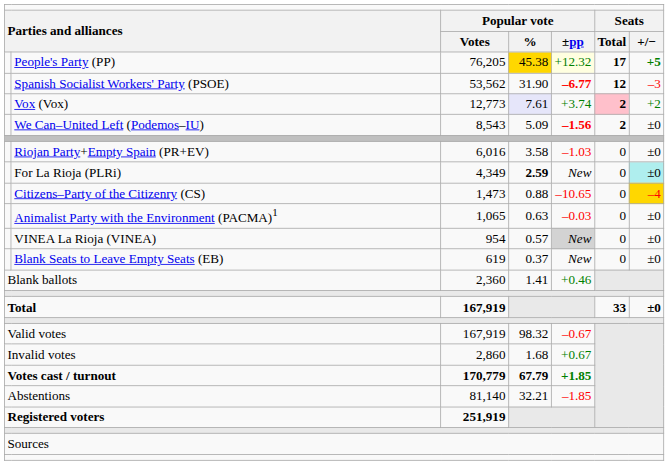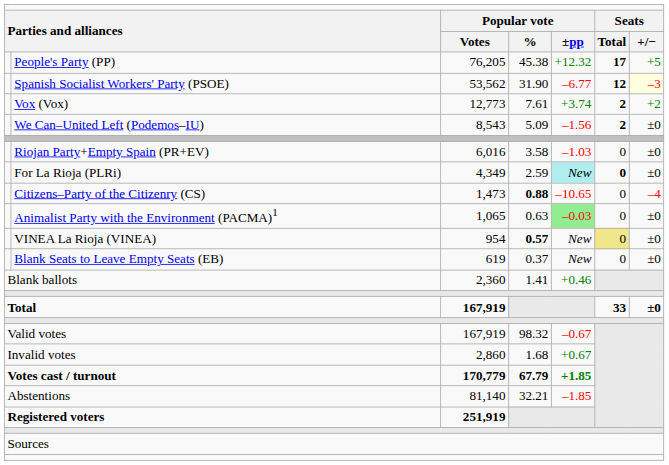 <table class="wikitable" style="text-align:right;">
 <tr>
 <td colspan="7"></td>
 </tr>
 <tr>
 <th style="text-align:left;" rowspan="2" colspan="2" width="525">Parties and alliances</th>
 <th colspan="3">Popular vote</th>
 <th colspan="2">Seats</th>
 </tr>
 <tr>
 <th width="75">Votes</th>
 <th width="45">%</th>
 <th width="45">±<a href='#'>pp</a></th>
 <th width="35">Total</th>
 <th width="35">+/−</th>
 </tr>
 <tr>
 <td width="1" style="color:inherit;background:"></td>
 <td align="left"><a href='#'>People's Party</a> (PP)</td>
 <td>76,205</td>
-<td style="background: gold;">45.38</td>
-<td style="background: lightyellow; color:green;">+12.32</td>
+<td>45.38</td>
+<td style="color:green;">+12.32</td>
 <td><strong>17</strong></td>
-<td style="color:green;"><strong>+5</strong></td>
+<td style="color:green;">+5</td>
 </tr>
 <tr>
 <td style="color:inherit;background:"></td>
 <td align="left"><a href='#'>Spanish Socialist Workers' Party</a> (PSOE)</td>
 <td>53,562</td>
 <td>31.90</td>
-<td style="color:red;"><strong>–6.77</strong></td>
+<td style="color:red;">–6.77</td>
 <td><strong>12</strong></td>
-<td style="color:red;">–3</td>
+<td style="background: lightyellow; color:red;">–3</td>
 </tr>
 <tr>
 <td style="color:inherit;background:"></td>
 <td align="left"><a href='#'>Vox</a> (Vox)</td>
 <td>12,773</td>
-<td style="background: lavender;">7.61</td>
+<td>7.61</td>
 <td style="color:green;">+3.74</td>
-<td style="background: pink;"><strong>2</strong></td>
+<td><strong>2</strong></td>
 <td style="color:green;">+2</td>
 </tr>
 <tr>
 <td style="color:inherit;background:"></td>
 <td align="left"><a href='#'>We Can–United Left</a> (<a href='#'>Podemos</a>–<a href='#'>IU</a>)</td>
 <td>8,543</td>
 <td>5.09</td>
-<td style="color:red;"><strong>–1.56</strong></td>
+<td style="color:red;">–1.56</td>
 <td><strong>2</strong></td>
 <td>±0</td>
 </tr>
 <tr>
 <td colspan="7" bgcolor="#C0C0C0"></td>
 </tr>
 <tr>
 <td style="color:inherit;background:"></td>
 <td align="left"><a href='#'>Riojan Party</a>+<a href='#'>Empty Spain</a> (PR+EV)</td>
 <td>6,016</td>
 <td>3.58</td>
 <td style="color:red;">–1.03</td>
 <td>0</td>
 <td>±0</td>
 </tr>
 <tr>
 <td style="color:inherit;background:"></td>
 <td align="left">For La Rioja (PLRi)</td>
 <td>4,349</td>
-<td><strong>2.59</strong></td>
-<td><em>New</em></td>
-<td>0</td>
-<td style="background: paleturquoise;">±0</td>
+<td>2.59</td>
+<td style="background: paleturquoise;"><em>New</em></td>
+<td><strong>0</strong></td>
+<td>±0</td>
 </tr>
 <tr>
 <td style="color:inherit;background:"></td>
 <td align="left"><a href='#'>Citizens–Party of the Citizenry</a> (CS)</td>
 <td>1,473</td>
-<td>0.88</td>
+<td><strong>0.88</strong></td>
 <td style="color:red;">–10.65</td>
 <td>0</td>
-<td style="background: gold; color:red;">–4</td>
+<td style="color:red;">–4</td>
 </tr>
 <tr>
 <td style="color:inherit;background:"></td>
 <td align="left"><a href='#'>Animalist Party with the Environment</a> (PACMA)<sup>1</sup></td>
 <td>1,065</td>
 <td>0.63</td>
-<td style="color:red;">–0.03</td>
+<td style="background: lightgreen; color:red;">–0.03</td>
 <td>0</td>
 <td>±0</td>
 </tr>
 <tr>
 <td style="color:inherit;background:"></td>
 <td align="left">VINEA La Rioja (VINEA)</td>
 <td>954</td>
-<td>0.57</td>
-<td style="background: lightgrey;"><em>New</em></td>
-<td>0</td>
+<td><strong>0.57</strong></td>
+<td><em>New</em></td>
+<td style="background: khaki;">0</td>
 <td>±0</td>
 </tr>
 <tr>
 <td style="color:inherit;background:"></td>
 <td align="left"><a href='#'>Blank Seats to Leave Empty Seats</a> (EB)</td>
 <td>619</td>
 <td>0.37</td>
 <td><em>New</em></td>
 <td>0</td>
 <td>±0</td>
 </tr>
 <tr>
 <td align="left" colspan="2">Blank ballots</td>
 <td>2,360</td>
 <td>1.41</td>
 <td style="color:green;">+0.46</td>
 <td bgcolor="#E9E9E9" colspan="2"></td>
 </tr>
 <tr>
 <td colspan="7" bgcolor="#E9E9E9"></td>
 </tr>
 <tr style="font-weight:bold;">
 <td align="left" colspan="2">Total</td>
 <td>167,919</td>
 <td bgcolor="#E9E9E9" colspan="2"></td>
 <td>33</td>
 <td>±0</td>
 </tr>
 <tr>
 <td colspan="7" bgcolor="#E9E9E9"></td>
 </tr>
 <tr>
 <td align="left" colspan="2">Valid votes</td>
 <td>167,919</td>
 <td>98.32</td>
 <td style="color:red;">–0.67</td>
 <td bgcolor="#E9E9E9" colspan="2" rowspan="5"></td>
 </tr>
 <tr>
 <td align="left" colspan="2">Invalid votes</td>
 <td>2,860</td>
 <td>1.68</td>
 <td style="color:green;">+0.67</td>
 </tr>
 <tr style="font-weight:bold;">
 <td align="left" colspan="2">Votes cast / turnout</td>
 <td>170,779</td>
 <td>67.79</td>
 <td style="color:green;">+1.85</td>
 </tr>
 <tr>
 <td align="left" colspan="2">Abstentions</td>
 <td>81,140</td>
 <td>32.21</td>
 <td style="color:red;">–1.85</td>
 </tr>
 <tr style="font-weight:bold;">
 <td align="left" colspan="2">Registered voters</td>
 <td>251,919</td>
 <td bgcolor="#E9E9E9" colspan="2"></td>
 </tr>
 <tr>
 <td colspan="7" bgcolor="#E9E9E9"></td>
 </tr>
 <tr>
 <td align="left" colspan="7">Sources</td>
 </tr>
 <tr>
 <td colspan="7" style="text-align:left; max-width:790px;"></td>
 </tr>
 </table>
